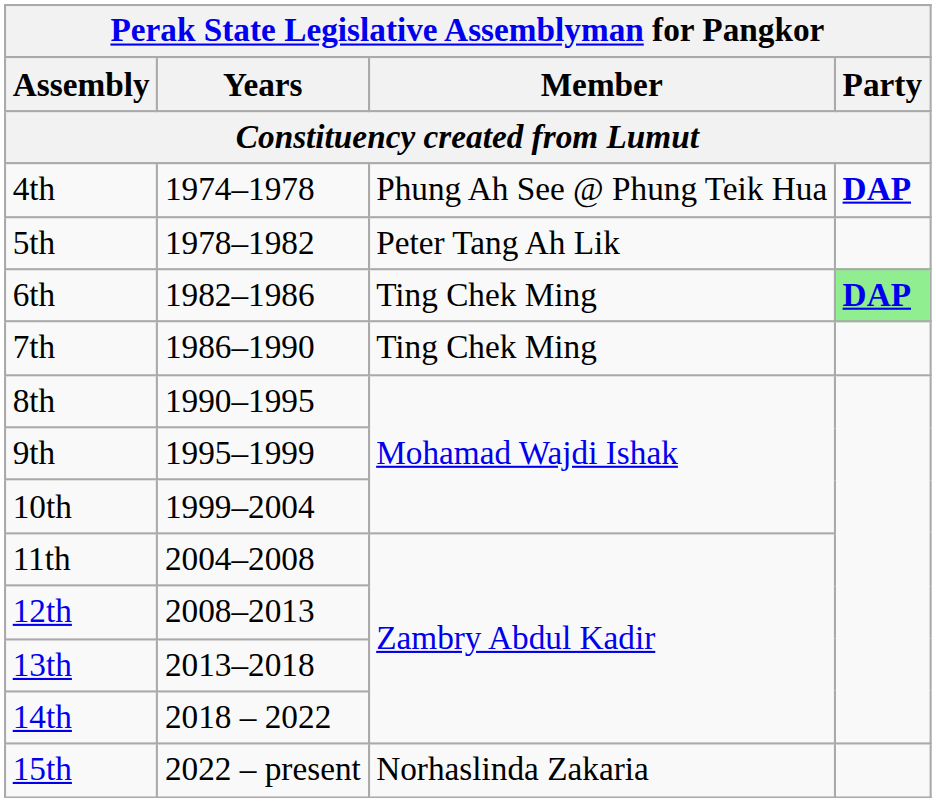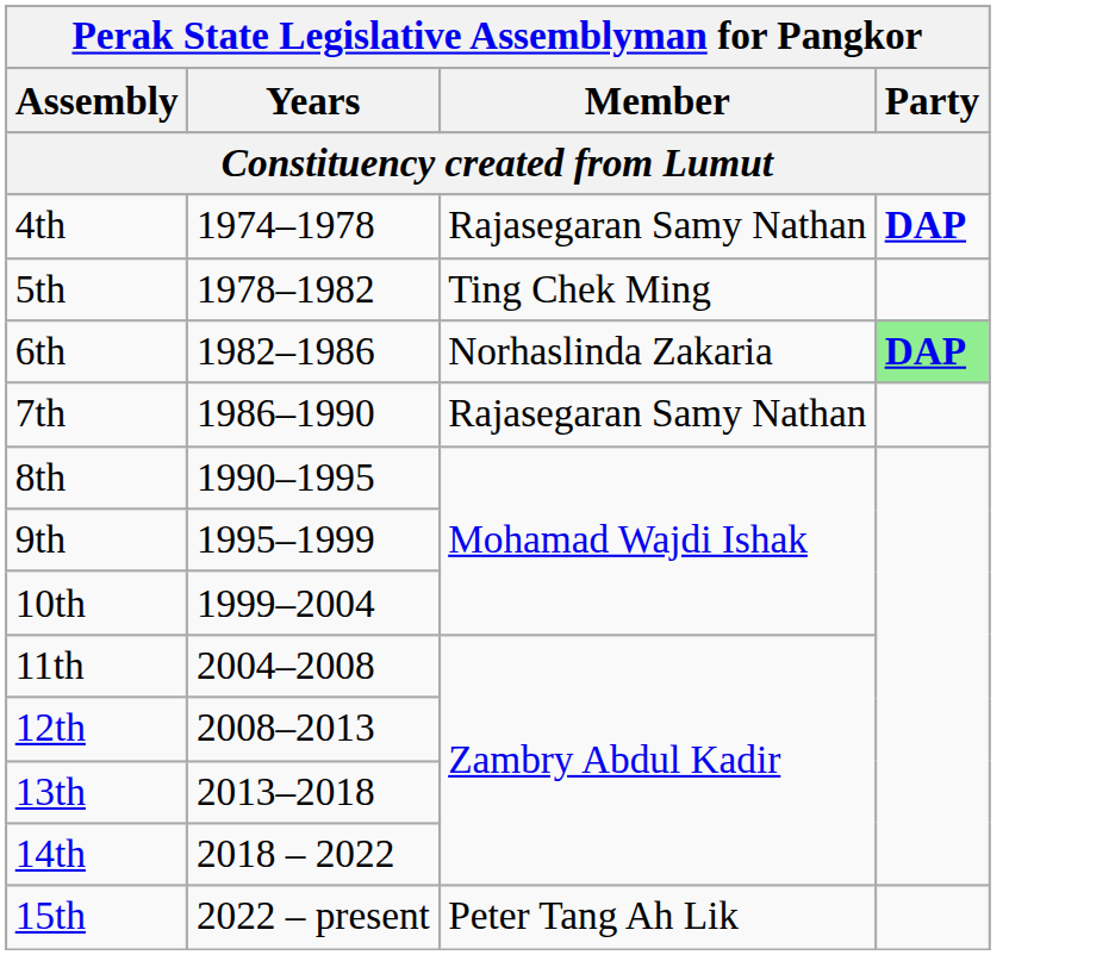 <table class="wikitable">
 <tr>
 <th colspan="4"><a href='#'>Perak State Legislative Assemblyman</a> for Pangkor</th>
 </tr>
 <tr>
 <th>Assembly</th>
 <th>Years</th>
 <th>Member</th>
 <th>Party</th>
 </tr>
 <tr>
 <th colspan="4" align="center"><em>Constituency created from Lumut</em></th>
 </tr>
 <tr>
 <td>4th</td>
 <td>1974–1978</td>
-<td>Phung Ah See @ Phung Teik Hua</td>
+<td>Rajasegaran Samy Nathan</td>
 <td><strong><a href='#'>DAP</a></strong></td>
 </tr>
 <tr>
 <td>5th</td>
 <td>1978–1982</td>
-<td>Peter Tang Ah Lik</td>
+<td>Ting Chek Ming</td>
 <td></td>
 </tr>
 <tr>
 <td>6th</td>
 <td>1982–1986</td>
-<td>Ting Chek Ming</td>
+<td>Norhaslinda Zakaria</td>
 <td style="background: lightgreen;"><strong><a href='#'>DAP</a></strong></td>
 </tr>
 <tr>
 <td>7th</td>
 <td>1986–1990</td>
-<td>Ting Chek Ming</td>
+<td>Rajasegaran Samy Nathan</td>
 <td></td>
 </tr>
 <tr>
 <td>8th</td>
 <td>1990–1995</td>
 <td rowspan="3"><a href='#'>Mohamad Wajdi Ishak</a></td>
 <td rowspan="7"></td>
 </tr>
 <tr>
 <td>9th</td>
 <td>1995–1999</td>
 </tr>
 <tr>
 <td>10th</td>
 <td>1999–2004</td>
 </tr>
 <tr>
 <td>11th</td>
 <td>2004–2008</td>
 <td rowspan=4><a href='#'>Zambry Abdul Kadir</a></td>
 </tr>
 <tr>
 <td><a href='#'>12th</a></td>
 <td>2008–2013</td>
 </tr>
 <tr>
 <td><a href='#'>13th</a></td>
 <td>2013–2018</td>
 </tr>
 <tr>
 <td><a href='#'>14th</a></td>
 <td>2018 – 2022</td>
 </tr>
 <tr>
 <td><a href='#'>15th</a></td>
 <td>2022 – present</td>
-<td>Norhaslinda Zakaria</td>
+<td>Peter Tang Ah Lik</td>
 <td></td>
 </tr>
 </table>
